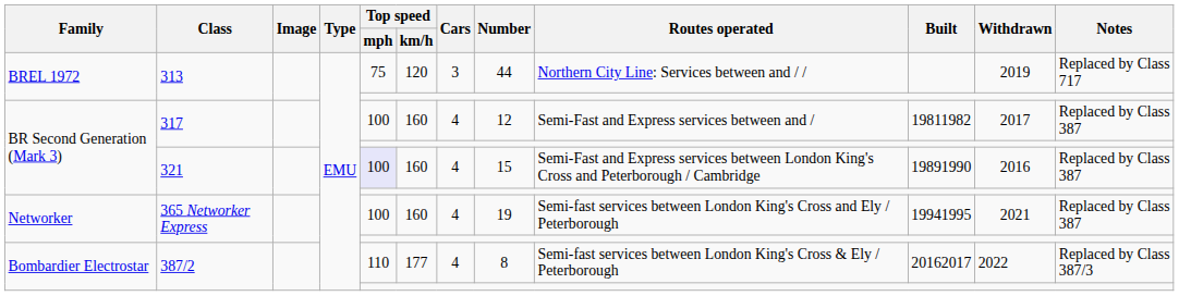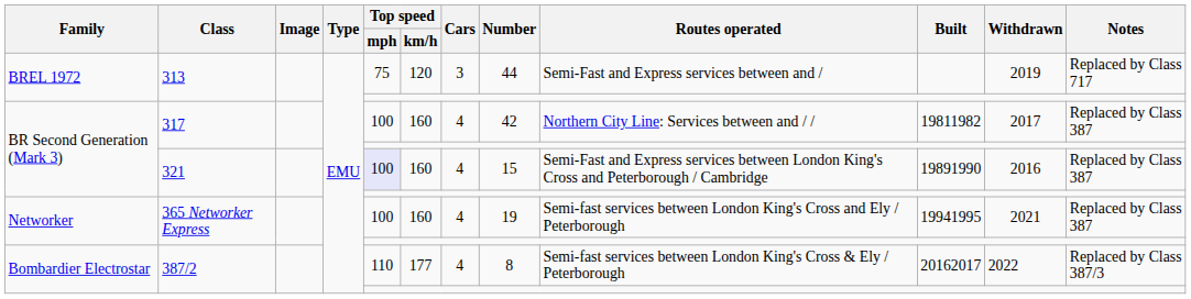 <table class="wikitable">
 <tr>
 <th rowspan="2">Family</th>
 <th rowspan="2">Class</th>
 <th rowspan="2">Image</th>
 <th rowspan="2">Type</th>
 <th colspan="2">Top speed</th>
 <th rowspan="2">Cars</th>
 <th rowspan="2">Number</th>
 <th rowspan="2">Routes operated</th>
 <th rowspan="2">Built</th>
 <th rowspan="2">Withdrawn</th>
 <th rowspan="2">Notes</th>
 </tr>
 <tr bgcolor="#f9f9f9">
 <th>mph</th>
 <th>km/h</th>
 </tr>
 <tr>
 <td rowspan="2"><a href='#'>BREL 1972</a></td>
 <td rowspan="2"><a href='#'>313</a></td>
 <td rowspan="2" align="center"></td>
 <td rowspan="10" align="center"><a href='#'>EMU</a></td>
 <td align="center">75</td>
 <td align="center">120</td>
 <td align="center">3</td>
 <td align="center">44</td>
-<td><a href='#'>Northern City Line</a>: Services between  and  /  / </td>
+<td>Semi-Fast and Express services between  and  / </td>
 <td align="center"></td>
 <td align="center">2019</td>
 <td>Replaced by Class 717</td>
 </tr>
 <tr>
 <td colspan="8"></td>
 </tr>
 <tr>
 <td rowspan="4">BR Second Generation (<a href='#'>Mark 3</a>)</td>
 <td rowspan="2"><a href='#'>317</a></td>
 <td rowspan="2" align="center"></td>
 <td align="center">100</td>
 <td align="center">160</td>
 <td align="center">4</td>
-<td align="center">12</td>
-<td>Semi-Fast and Express services between  and  / </td>
+<td align="center">42</td>
+<td><a href='#'>Northern City Line</a>: Services between  and  /  / </td>
 <td align="center">19811982</td>
 <td align="center">2017</td>
 <td>Replaced by Class 387</td>
 </tr>
 <tr>
 <td colspan="8"></td>
 </tr>
 <tr>
 <td rowspan="2"><a href='#'>321</a></td>
 <td rowspan="2" align="center"></td>
 <td align="center" style="background: lavender;">100</td>
 <td align="center">160</td>
 <td align="center">4</td>
 <td align="center">15</td>
 <td>Semi-Fast and Express services between London King's Cross and Peterborough / Cambridge</td>
 <td align="center">19891990</td>
 <td align="center">2016</td>
 <td>Replaced by Class 387</td>
 </tr>
 <tr>
 <td colspan="8"></td>
 </tr>
 <tr>
 <td rowspan="2"><a href='#'>Networker</a></td>
 <td rowspan="2"><a href='#'>365 <em>Networker Express</em></a></td>
 <td rowspan="2"></td>
 <td align="center">100</td>
 <td align="center">160</td>
 <td align="center">4</td>
 <td align="center">19</td>
 <td>Semi-fast services between London King's Cross and Ely / Peterborough</td>
 <td align="center">19941995</td>
 <td align="center">2021</td>
 <td>Replaced by Class 387</td>
 </tr>
 <tr>
 <td colspan="8"></td>
 </tr>
 <tr>
 <td rowspan="2"><a href='#'>Bombardier Electrostar</a></td>
 <td rowspan="2"><a href='#'>387/2</a></td>
 <td rowspan="2"></td>
 <td align="center">110</td>
 <td align="center">177</td>
 <td align="center">4</td>
 <td align="center">8</td>
 <td>Semi-fast services between London King's Cross & Ely / Peterborough</td>
 <td align="center">20162017</td>
 <td>2022</td>
 <td>Replaced by Class 387/3</td>
 </tr>
 <tr>
 <td colspan="8"></td>
 </tr>
 </table>
